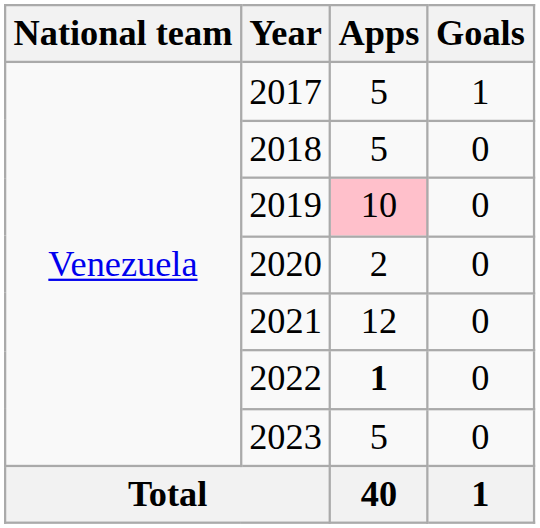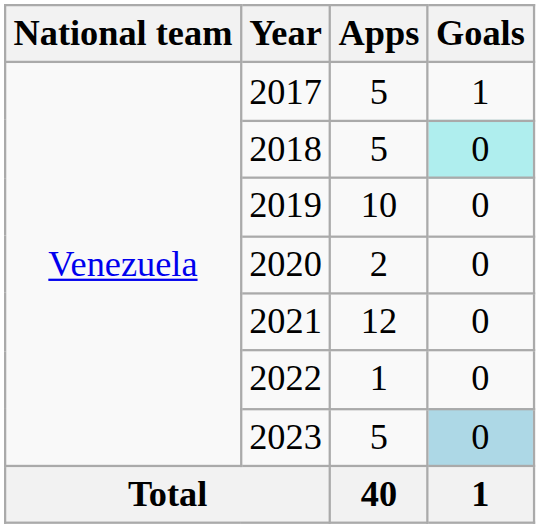 <table class="wikitable" style="text-align:center">
 <tr>
 <th>National team</th>
 <th>Year</th>
 <th>Apps</th>
 <th>Goals</th>
 </tr>
 <tr>
 <td rowspan="7"><a href='#'>Venezuela</a></td>
 <td>2017</td>
 <td>5</td>
 <td>1</td>
 </tr>
 <tr>
 <td>2018</td>
 <td>5</td>
-<td>0</td>
+<td style="background: paleturquoise;">0</td>
 </tr>
 <tr>
 <td>2019</td>
-<td style="background: pink;">10</td>
+<td>10</td>
 <td>0</td>
 </tr>
 <tr>
 <td>2020</td>
 <td>2</td>
 <td>0</td>
 </tr>
 <tr>
 <td>2021</td>
 <td>12</td>
 <td>0</td>
 </tr>
 <tr>
 <td>2022</td>
-<td><strong>1</strong></td>
+<td>1</td>
 <td>0</td>
 </tr>
 <tr>
 <td>2023</td>
 <td>5</td>
-<td>0</td>
+<td style="background: lightblue;">0</td>
 </tr>
 <tr>
 <th colspan="2">Total</th>
 <th>40</th>
 <th>1</th>
 </tr>
 </table>
